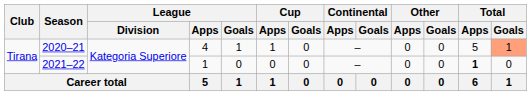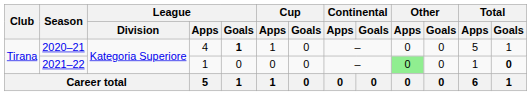 <table class="wikitable" style="text-align: center">
 <tr>
 <th rowspan="2">Club</th>
 <th rowspan="2">Season</th>
 <th colspan="3">League</th>
 <th colspan="2">Cup</th>
 <th colspan="2">Continental</th>
 <th colspan="2">Other</th>
 <th colspan="2">Total</th>
 </tr>
 <tr>
 <th>Division</th>
 <th>Apps</th>
 <th>Goals</th>
 <th>Apps</th>
 <th>Goals</th>
 <th>Apps</th>
 <th>Goals</th>
 <th>Apps</th>
 <th>Goals</th>
 <th>Apps</th>
 <th>Goals</th>
 </tr>
 <tr>
 <td rowspan="2"><a href='#'>Tirana</a></td>
 <td><a href='#'>2020–21</a></td>
 <td rowspan="2"><a href='#'>Kategoria Superiore</a></td>
 <td>4</td>
-<td>1</td>
+<td><strong>1</strong></td>
 <td>1</td>
 <td>0</td>
 <td colspan="2">–</td>
 <td>0</td>
 <td>0</td>
 <td>5</td>
-<td style="background: lightsalmon;">1</td>
+<td>1</td>
 </tr>
 <tr>
 <td><a href='#'>2021–22</a></td>
 <td>1</td>
 <td>0</td>
 <td>0</td>
 <td>0</td>
 <td colspan="2">–</td>
+<td style="background: lightgreen;">0</td>
 <td>0</td>
-<td>0</td>
-<td><strong>1</strong></td>
-<td>0</td>
+<td>1</td>
+<td><strong>0</strong></td>
 </tr>
 <tr>
 <th colspan="3"><strong>Career total</strong></th>
 <th>5</th>
 <th>1</th>
 <th>1</th>
 <th>0</th>
 <th>0</th>
 <th>0</th>
 <th>0</th>
 <th>0</th>
 <th>6</th>
 <th>1</th>
 </tr>
 </table>
